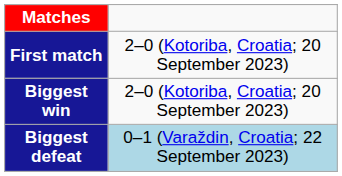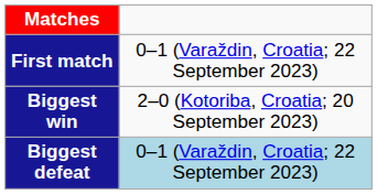 <table class="wikitable collapsible" style="width:50%;text-align:center">
 <tr>
 <th style="background:#ff0000; color:white; "><strong>Matches</strong></th>
 </tr>
 <tr>
 <th style="background:#171796; color:white; ">First match</th>
-<td> 2–0 (<a href='#'>Kotoriba</a>, <a href='#'>Croatia</a>; 20 September 2023)</td>
+<td> 0–1 (<a href='#'>Varaždin</a>, <a href='#'>Croatia</a>; 22 September 2023)</td>
 </tr>
 <tr>
 <th style="background:#171796; color:white; ">Biggest win</th>
 <td> 2–0 (<a href='#'>Kotoriba</a>, <a href='#'>Croatia</a>; 20 September 2023)</td>
 </tr>
 <tr>
 <th style="background:#171796; color:white; ">Biggest defeat</th>
 <td style="background: lightblue;"> 0–1 (<a href='#'>Varaždin</a>, <a href='#'>Croatia</a>; 22 September 2023)</td>
 </tr>
 </table>
